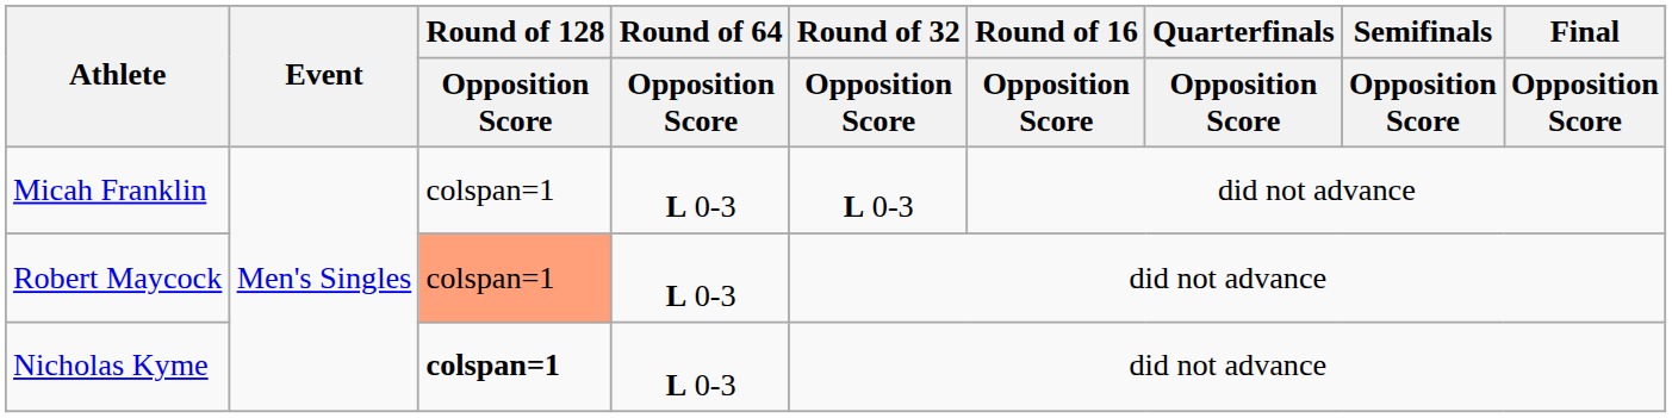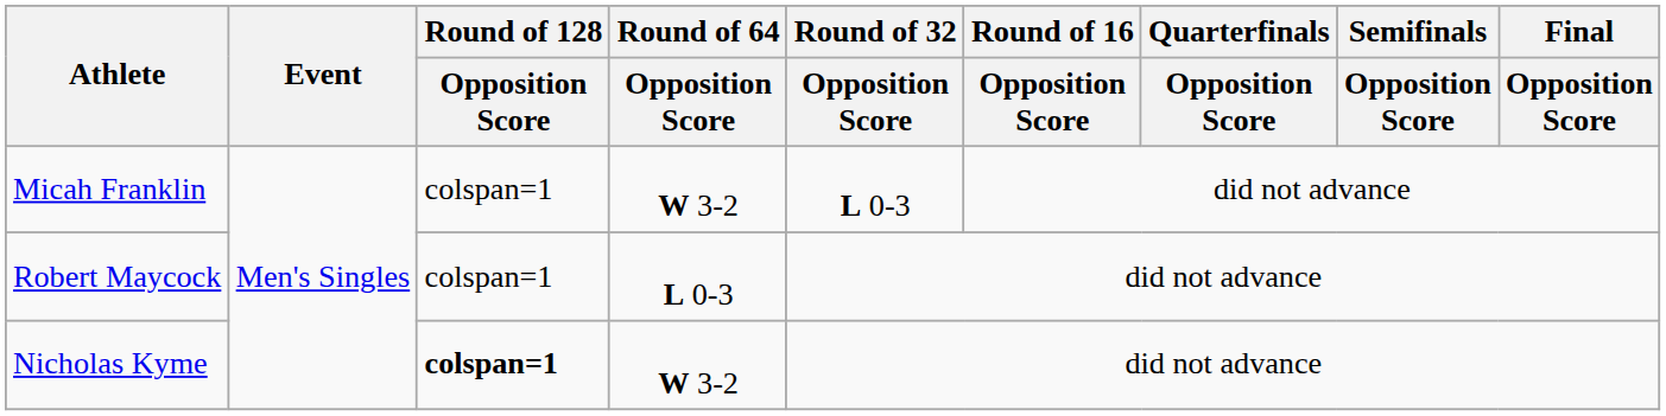 <table class=wikitable style="font-size:90%">
 <tr>
 <th rowspan="2">Athlete</th>
 <th rowspan="2">Event</th>
 <th>Round of 128</th>
 <th>Round of 64</th>
 <th>Round of 32</th>
 <th>Round of 16</th>
 <th>Quarterfinals</th>
 <th>Semifinals</th>
 <th>Final</th>
 </tr>
 <tr>
 <th>Opposition<br>Score</th>
 <th>Opposition<br>Score</th>
 <th>Opposition<br>Score</th>
 <th>Opposition<br>Score</th>
 <th>Opposition<br>Score</th>
 <th>Opposition<br>Score</th>
 <th>Opposition<br>Score</th>
 </tr>
 <tr>
 <td><a href='#'>Micah Franklin</a></td>
 <td rowspan="3"><a href='#'>Men's Singles</a></td>
 <td>colspan=1 </td>
-<td align=center><br><strong>L</strong> 0-3</td>
+<td align=center><br><strong>W</strong> 3-2</td>
 <td align=center><br><strong>L</strong> 0-3</td>
 <td align=center colspan=4>did not advance</td>
 </tr>
 <tr>
 <td><a href='#'>Robert Maycock</a></td>
-<td style="background: lightsalmon;">colspan=1 </td>
+<td>colspan=1 </td>
 <td align=center><br><strong>L</strong> 0-3</td>
 <td align=center colspan=5>did not advance</td>
 </tr>
 <tr>
 <td><a href='#'>Nicholas Kyme</a></td>
 <td><strong>colspan=1 </strong></td>
-<td align=center><br><strong>L</strong> 0-3</td>
+<td align=center><br><strong>W</strong> 3-2</td>
 <td align=center colspan=5>did not advance</td>
 </tr>
 </table>
